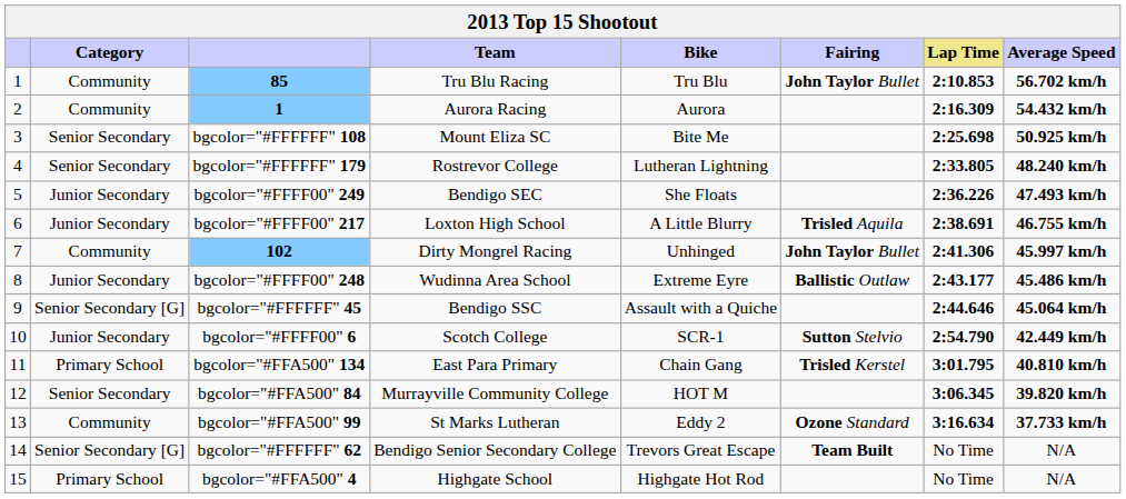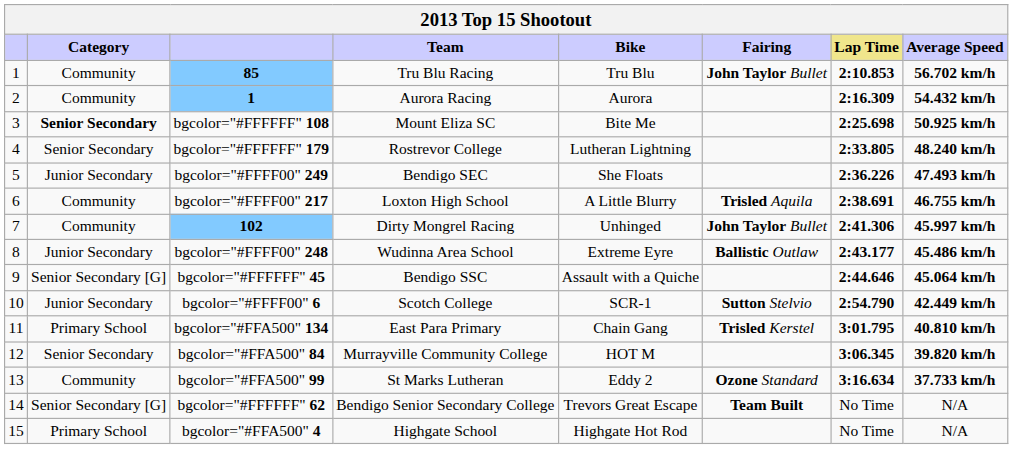 <table class="wikitable collapsible collapsed" style="font-size: 85%; text-align:center">
 <tr>
 <th colspan="8" width="500"><big>2013 Top 15 Shootout</big></th>
 </tr>
 <tr>
 <th style="background:#ccf"></th>
 <th style="background:#ccf">Category</th>
 <th style="background:#ccf"></th>
 <th style="background:#ccf">Team</th>
 <th style="background:#ccf">Bike</th>
 <th style="background:#ccf">Fairing</th>
 <th style="background:#f0e68c">Lap Time</th>
 <th style="background:#ccf">Average Speed</th>
 </tr>
 <tr>
 <td>1</td>
 <td>Community</td>
 <td bgcolor=#82CAFF><strong>85</strong></td>
 <td> Tru Blu Racing</td>
 <td>Tru Blu</td>
 <td><strong>John Taylor</strong> <em>Bullet</em></td>
 <td><strong>2:10.853</strong></td>
 <td><strong>56.702 km/h</strong></td>
 </tr>
 <tr>
 <td>2</td>
 <td>Community</td>
 <td bgcolor=#82CAFF><strong>1</strong></td>
 <td> Aurora Racing</td>
 <td>Aurora</td>
 <td></td>
 <td><strong>2:16.309</strong></td>
 <td><strong>54.432 km/h</strong></td>
 </tr>
 <tr>
 <td>3</td>
-<td>Senior Secondary</td>
+<td><strong>Senior Secondary</strong></td>
 <td>bgcolor="#FFFFFF" <strong>108</strong></td>
 <td> Mount Eliza SC</td>
 <td>Bite Me</td>
 <td></td>
 <td><strong>2:25.698</strong></td>
 <td><strong>50.925 km/h</strong></td>
 </tr>
 <tr>
 <td>4</td>
 <td>Senior Secondary</td>
 <td>bgcolor="#FFFFFF" <strong>179</strong></td>
 <td> Rostrevor College</td>
 <td>Lutheran Lightning</td>
 <td></td>
 <td><strong>2:33.805</strong></td>
 <td><strong>48.240 km/h</strong></td>
 </tr>
 <tr>
 <td>5</td>
 <td>Junior Secondary</td>
 <td>bgcolor="#FFFF00" <strong>249</strong></td>
 <td> Bendigo SEC</td>
 <td>She Floats</td>
 <td></td>
 <td><strong>2:36.226</strong></td>
 <td><strong>47.493 km/h</strong></td>
 </tr>
 <tr>
 <td>6</td>
-<td>Junior Secondary</td>
+<td>Community</td>
 <td>bgcolor="#FFFF00" <strong>217</strong></td>
 <td> Loxton High School</td>
 <td>A Little Blurry</td>
 <td><strong>Trisled</strong> <em>Aquila</em></td>
 <td><strong>2:38.691</strong></td>
 <td><strong>46.755 km/h</strong></td>
 </tr>
 <tr>
 <td>7</td>
 <td>Community</td>
 <td bgcolor=#82CAFF><strong>102</strong></td>
 <td> Dirty Mongrel Racing</td>
 <td>Unhinged</td>
 <td><strong>John Taylor</strong> <em>Bullet</em></td>
 <td><strong>2:41.306</strong></td>
 <td><strong>45.997 km/h</strong></td>
 </tr>
 <tr>
 <td>8</td>
 <td>Junior Secondary</td>
 <td>bgcolor="#FFFF00" <strong>248</strong></td>
 <td> Wudinna Area School</td>
 <td>Extreme Eyre</td>
 <td><strong>Ballistic</strong> <em>Outlaw</em></td>
 <td><strong>2:43.177</strong></td>
 <td><strong>45.486 km/h</strong></td>
 </tr>
 <tr>
 <td>9</td>
 <td>Senior Secondary [G]</td>
 <td>bgcolor="#FFFFFF" <strong>45</strong></td>
 <td> Bendigo SSC</td>
 <td>Assault with a Quiche</td>
 <td></td>
 <td><strong>2:44.646</strong></td>
 <td><strong>45.064 km/h</strong></td>
 </tr>
 <tr>
 <td>10</td>
 <td>Junior Secondary</td>
 <td>bgcolor="#FFFF00" <strong>6</strong></td>
 <td> Scotch College</td>
 <td>SCR-1</td>
 <td><strong>Sutton</strong> <em>Stelvio</em></td>
 <td><strong>2:54.790</strong></td>
 <td><strong>42.449 km/h</strong></td>
 </tr>
 <tr>
 <td>11</td>
 <td>Primary School</td>
 <td>bgcolor="#FFA500" <strong>134</strong></td>
 <td> East Para Primary</td>
 <td>Chain Gang</td>
 <td><strong>Trisled</strong> <em>Kerstel</em></td>
 <td><strong>3:01.795</strong></td>
 <td><strong>40.810 km/h</strong></td>
 </tr>
 <tr>
 <td>12</td>
 <td>Senior Secondary</td>
 <td>bgcolor="#FFA500" <strong>84</strong></td>
 <td> Murrayville Community College</td>
 <td>HOT M</td>
 <td></td>
 <td><strong>3:06.345</strong></td>
 <td><strong>39.820 km/h</strong></td>
 </tr>
 <tr>
 <td>13</td>
 <td>Community</td>
 <td>bgcolor="#FFA500" <strong>99</strong></td>
 <td> St Marks Lutheran</td>
 <td>Eddy 2</td>
 <td><strong>Ozone</strong> <em>Standard</em></td>
 <td><strong>3:16.634</strong></td>
 <td><strong>37.733 km/h</strong></td>
 </tr>
 <tr>
 <td>14</td>
 <td>Senior Secondary [G]</td>
 <td>bgcolor="#FFFFFF" <strong>62</strong></td>
 <td> Bendigo Senior Secondary College</td>
 <td>Trevors Great Escape</td>
 <td><strong>Team Built</strong></td>
 <td>No Time</td>
 <td>N/A</td>
 </tr>
 <tr>
 <td>15</td>
 <td>Primary School</td>
 <td>bgcolor="#FFA500" <strong>4</strong></td>
 <td> Highgate School</td>
 <td>Highgate Hot Rod</td>
 <td></td>
 <td>No Time</td>
 <td>N/A</td>
 </tr>
 </table>
